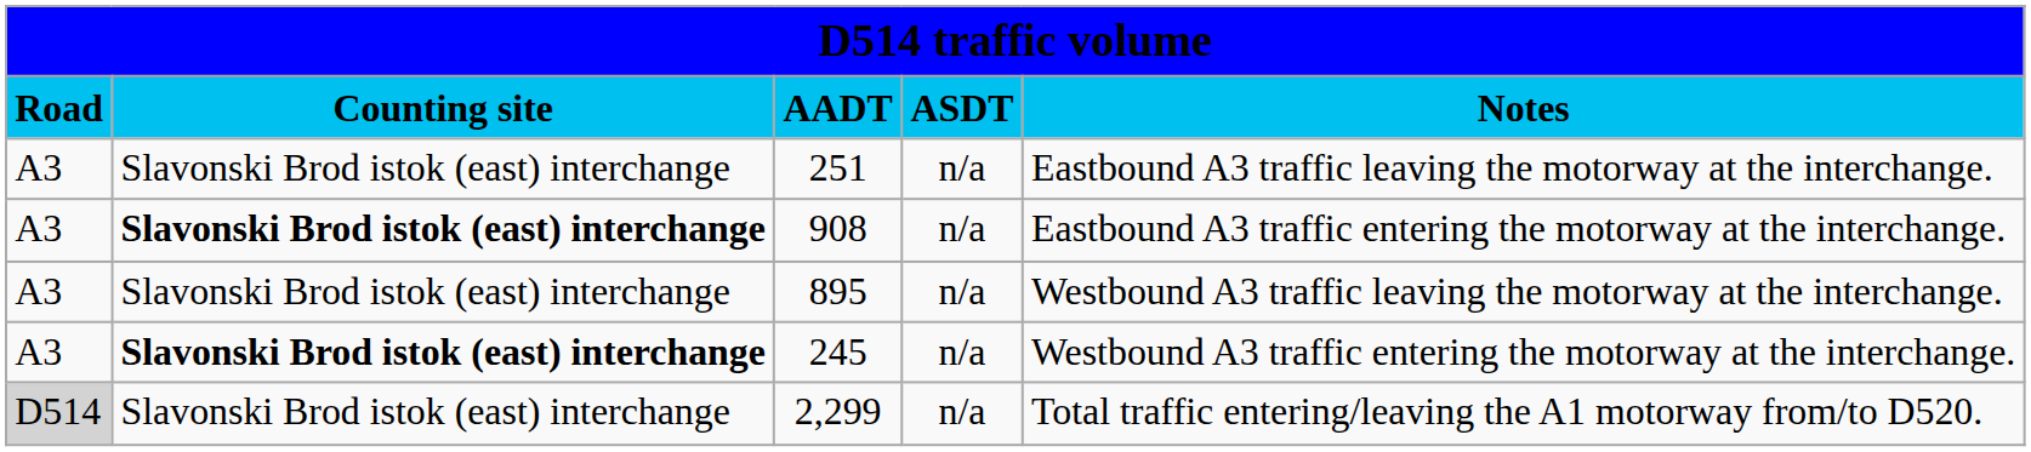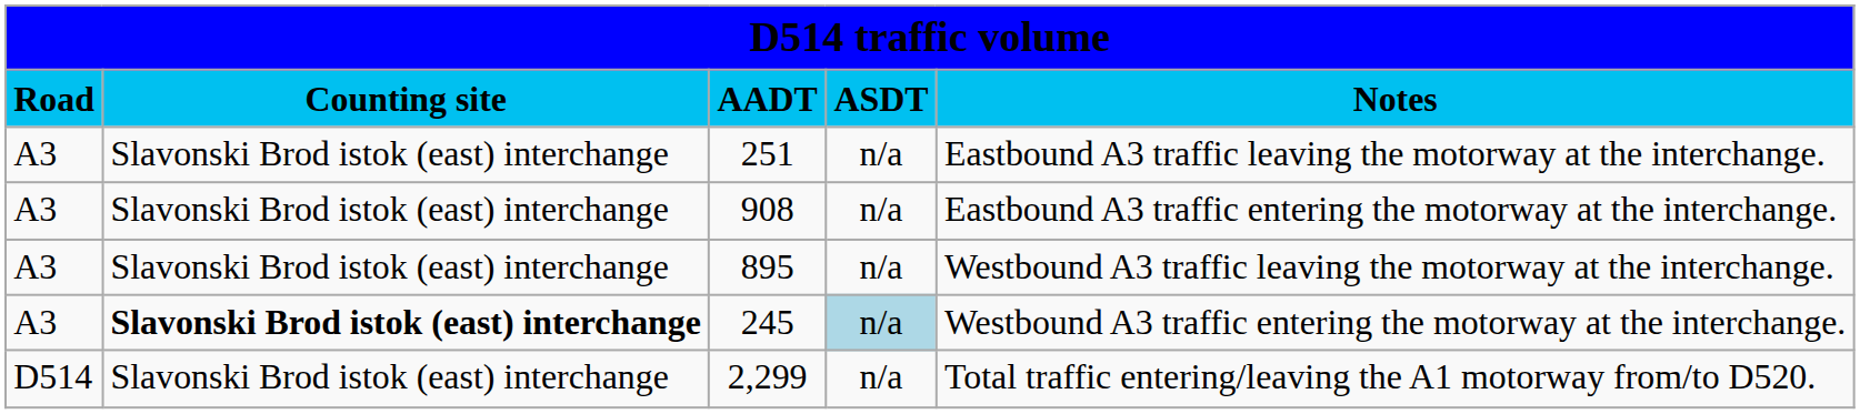 <table class="wikitable">
 <tr>
 <td colspan=5 bgcolor=blue align=center style=margin-top:15><span><big><strong>D514 traffic volume</strong></big></span></td>
 </tr>
 <tr>
 <td align=center bgcolor=00c0f0><strong>Road</strong></td>
 <td align=center bgcolor=00c0f0><strong>Counting site</strong></td>
 <td align=center bgcolor=00c0f0><strong>AADT</strong></td>
 <td align=center bgcolor=00c0f0><strong>ASDT</strong></td>
 <td align=center bgcolor=00c0f0><strong>Notes</strong></td>
 </tr>
 <tr>
 <td> A3</td>
 <td>Slavonski Brod istok (east) interchange</td>
 <td align=center>251</td>
 <td align=center>n/a</td>
 <td>Eastbound A3 traffic leaving the motorway at the interchange.</td>
 </tr>
 <tr>
 <td> A3</td>
-<td><strong>Slavonski Brod istok (east) interchange</strong></td>
+<td>Slavonski Brod istok (east) interchange</td>
 <td align=center>908</td>
 <td align=center>n/a</td>
 <td>Eastbound A3 traffic entering the motorway at the interchange.</td>
 </tr>
 <tr>
 <td> A3</td>
 <td>Slavonski Brod istok (east) interchange</td>
 <td align=center>895</td>
 <td align=center>n/a</td>
 <td>Westbound A3 traffic leaving the motorway at the interchange.</td>
 </tr>
 <tr>
 <td> A3</td>
 <td><strong>Slavonski Brod istok (east) interchange</strong></td>
 <td align=center>245</td>
-<td align=center>n/a</td>
+<td align=center style="background: lightblue;">n/a</td>
 <td>Westbound A3 traffic entering the motorway at the interchange.</td>
 </tr>
 <tr>
-<td style="background: lightgrey;"> D514</td>
+<td> D514</td>
 <td>Slavonski Brod istok (east) interchange</td>
 <td align=center>2,299</td>
 <td align=center>n/a</td>
 <td>Total traffic entering/leaving the A1 motorway from/to D520.</td>
 </tr>
 </table>
